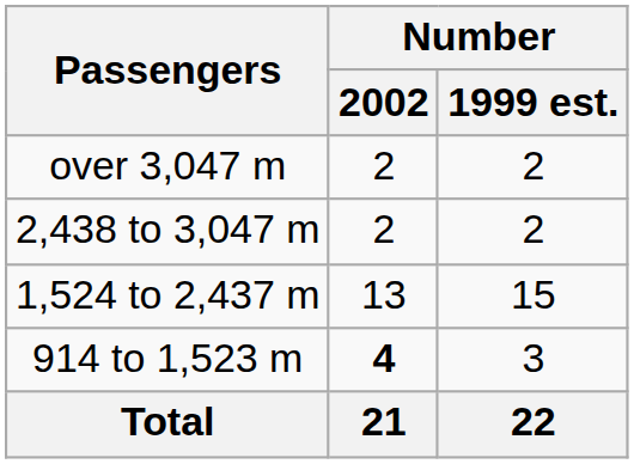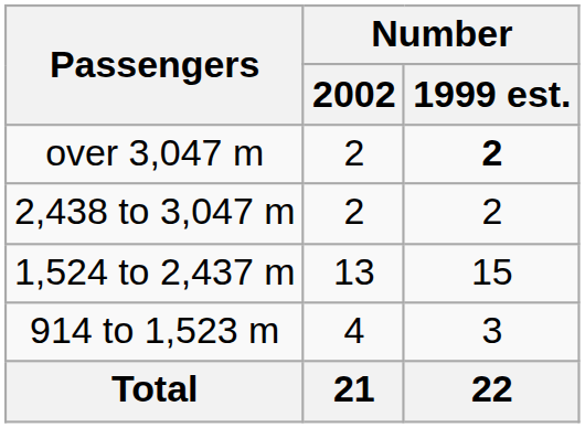 <table class="wikitable" style="text-align:center">
 <tr>
 <th rowspan="2">Passengers</th>
 <th colspan="2">Number</th>
 </tr>
 <tr>
 <th>2002</th>
 <th>1999 est.</th>
 </tr>
 <tr>
 <td>over 3,047 m</td>
 <td>2</td>
-<td>2</td>
+<td><strong>2</strong></td>
 </tr>
 <tr>
 <td>2,438 to 3,047 m</td>
 <td>2</td>
 <td>2</td>
 </tr>
 <tr>
 <td>1,524 to 2,437 m</td>
 <td>13</td>
 <td>15</td>
 </tr>
 <tr>
 <td>914 to 1,523 m</td>
-<td><strong>4</strong></td>
+<td>4</td>
 <td>3</td>
 </tr>
 <tr>
 <th>Total</th>
 <th>21</th>
 <th>22</th>
 </tr>
 </table>
